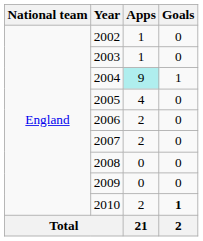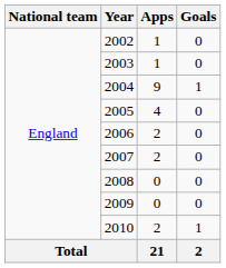 <table class="wikitable" style="text-align:center">
 <tr>
 <th>National team</th>
 <th>Year</th>
 <th>Apps</th>
 <th>Goals</th>
 </tr>
 <tr>
 <td rowspan="9"><a href='#'>England</a></td>
 <td>2002</td>
 <td>1</td>
 <td>0</td>
 </tr>
 <tr>
 <td>2003</td>
 <td>1</td>
 <td>0</td>
 </tr>
 <tr>
 <td>2004</td>
-<td style="background: paleturquoise;">9</td>
+<td>9</td>
 <td>1</td>
 </tr>
 <tr>
 <td>2005</td>
 <td>4</td>
 <td>0</td>
 </tr>
 <tr>
 <td>2006</td>
 <td>2</td>
 <td>0</td>
 </tr>
 <tr>
 <td>2007</td>
 <td>2</td>
 <td>0</td>
 </tr>
 <tr>
 <td>2008</td>
 <td>0</td>
 <td>0</td>
 </tr>
 <tr>
 <td>2009</td>
 <td>0</td>
 <td>0</td>
 </tr>
 <tr>
 <td>2010</td>
 <td>2</td>
-<td><strong>1</strong></td>
+<td>1</td>
 </tr>
 <tr>
 <th colspan="2">Total</th>
 <th>21</th>
 <th>2</th>
 </tr>
 </table>
